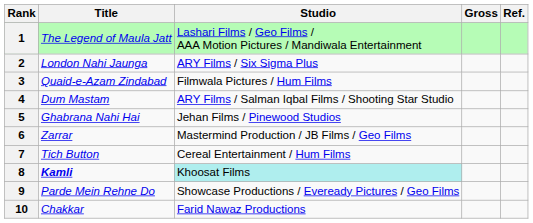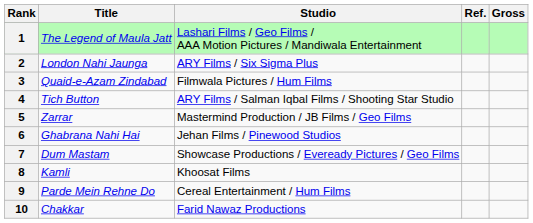 <table class="wikitable sortable" style="margin:automaaa ki tere; margin:auto;">
 <tr>
 <th>Rank</th>
 <th>Title</th>
 <th>Studio</th>
+<th>Ref.</th>
 <th>Gross</th>
-<th>Ref.</th>
 </tr>
 <tr style="background:#b6fcb6;">
 <th>1</th>
 <td><em><a href='#'>The Legend of Maula Jatt</a></em></td>
 <td><a href='#'>Lashari Films</a> / <a href='#'>Geo Films</a> /<br>AAA Motion Pictures / Mandiwala Entertainment</td>
 <td></td>
 <td></td>
 </tr>
 <tr>
 <th>2</th>
 <td><em><a href='#'>London Nahi Jaunga</a></em></td>
 <td><a href='#'>ARY Films</a> / <a href='#'>Six Sigma Plus</a></td>
 <td></td>
 <td></td>
 </tr>
 <tr>
 <th>3</th>
 <td><em><a href='#'>Quaid-e-Azam Zindabad</a></em></td>
 <td>Filmwala Pictures / <a href='#'>Hum Films</a></td>
 <td></td>
 <td></td>
 </tr>
 <tr>
 <th>4</th>
-<td><em><a href='#'>Dum Mastam</a></em></td>
+<td><em><a href='#'>Tich Button</a></em></td>
 <td><a href='#'>ARY Films</a> / Salman Iqbal Films / Shooting Star Studio</td>
 <td></td>
 <td></td>
 </tr>
 <tr>
 <th>5</th>
+<td><em><a href='#'>Zarrar</a></em></td>
+<td>Mastermind Production / JB Films / <a href='#'>Geo Films</a></td>
+<td></td>
+<td></td>
+</tr>
+<tr>
+<th>6</th>
 <td><em><a href='#'>Ghabrana Nahi Hai</a></em></td>
 <td>Jehan Films / <a href='#'>Pinewood Studios</a></td>
 <td></td>
 <td></td>
 </tr>
 <tr>
-<th>6</th>
-<td><em><a href='#'>Zarrar</a></em></td>
-<td>Mastermind Production / JB Films / <a href='#'>Geo Films</a></td>
-<td></td>
-<td></td>
-</tr>
-<tr>
 <th>7</th>
-<td><em><a href='#'>Tich Button</a></em></td>
-<td>Cereal Entertainment / <a href='#'>Hum Films</a></td>
+<td><em><a href='#'>Dum Mastam</a></em></td>
+<td>Showcase Productions / <a href='#'>Eveready Pictures</a> / <a href='#'>Geo Films</a></td>
 <td></td>
 <td></td>
 </tr>
 <tr>
 <th>8</th>
-<td><strong><em><a href='#'>Kamli</a></em></strong></td>
-<td style="background: paleturquoise;">Khoosat Films</td>
+<td><em><a href='#'>Kamli</a></em></td>
+<td>Khoosat Films</td>
 <td></td>
 <td></td>
 </tr>
 <tr>
 <th>9</th>
 <td><em><a href='#'>Parde Mein Rehne Do</a></em></td>
-<td>Showcase Productions / <a href='#'>Eveready Pictures</a> / <a href='#'>Geo Films</a></td>
+<td>Cereal Entertainment / <a href='#'>Hum Films</a></td>
 <td></td>
 <td></td>
 </tr>
 <tr>
 <th>10</th>
 <td><em><a href='#'>Chakkar</a></em></td>
 <td><a href='#'>Farid Nawaz Productions</a></td>
 <td></td>
 <td></td>
 </tr>
 </table>
